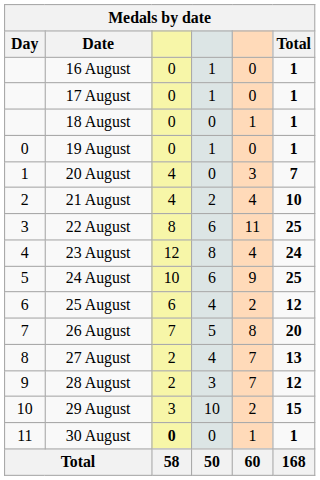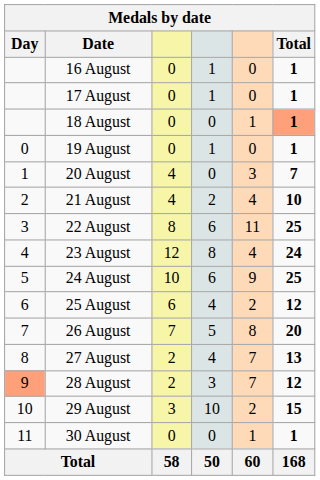 <table class="wikitable sortable" style="font-size:90%; text-align:center">
 <tr style="background:#efefef;">
 <th colspan=6>Medals by date</th>
 </tr>
 <tr>
 <th width=30>Day</th>
 <th width=90>Date</th>
 <th width=30 style="background:#F7F6A8;"></th>
 <th width=30 style="background:#DCE5E5;"></th>
 <th width=30 style="background:#FFDAB9;"></th>
 <th width=30>Total</th>
 </tr>
 <tr>
 <td></td>
 <td>16 August</td>
 <td style="background:#F7F6A8;">0</td>
 <td style="background:#DCE5E5;">1</td>
 <td style="background:#FFDAB9;">0</td>
 <td><strong>1</strong></td>
 </tr>
 <tr>
 <td></td>
 <td>17 August</td>
 <td style="background:#F7F6A8;">0</td>
 <td style="background:#DCE5E5;">1</td>
 <td style="background:#FFDAB9;">0</td>
 <td><strong>1</strong></td>
 </tr>
 <tr>
 <td></td>
 <td>18 August</td>
 <td style="background:#F7F6A8;">0</td>
 <td style="background:#DCE5E5;">0</td>
 <td style="background:#FFDAB9;">1</td>
-<td><strong>1</strong></td>
+<td style="background: lightsalmon;"><strong>1</strong></td>
 </tr>
 <tr>
 <td>0</td>
 <td>19 August</td>
 <td style="background:#F7F6A8;">0</td>
 <td style="background:#DCE5E5;">1</td>
 <td style="background:#FFDAB9;">0</td>
 <td><strong>1</strong></td>
 </tr>
 <tr>
 <td>1</td>
 <td>20 August</td>
 <td style="background:#F7F6A8;">4</td>
 <td style="background:#DCE5E5;">0</td>
 <td style="background:#FFDAB9;">3</td>
 <td><strong>7</strong></td>
 </tr>
 <tr>
 <td>2</td>
 <td>21 August</td>
 <td style="background:#F7F6A8;">4</td>
 <td style="background:#DCE5E5;">2</td>
 <td style="background:#FFDAB9;">4</td>
 <td><strong>10</strong></td>
 </tr>
 <tr>
 <td>3</td>
 <td>22 August</td>
 <td style="background:#F7F6A8;">8</td>
 <td style="background:#DCE5E5;">6</td>
 <td style="background:#FFDAB9;">11</td>
 <td><strong>25</strong></td>
 </tr>
 <tr>
 <td>4</td>
 <td>23 August</td>
 <td style="background:#F7F6A8;">12</td>
 <td style="background:#DCE5E5;">8</td>
 <td style="background:#FFDAB9;">4</td>
 <td><strong>24</strong></td>
 </tr>
 <tr>
 <td>5</td>
 <td>24 August</td>
 <td style="background:#F7F6A8;">10</td>
 <td style="background:#DCE5E5;">6</td>
 <td style="background:#FFDAB9;">9</td>
 <td><strong>25</strong></td>
 </tr>
 <tr>
 <td>6</td>
 <td>25 August</td>
 <td style="background:#F7F6A8;">6</td>
 <td style="background:#DCE5E5;">4</td>
 <td style="background:#FFDAB9;">2</td>
 <td><strong>12</strong></td>
 </tr>
 <tr>
 <td>7</td>
 <td>26 August</td>
 <td style="background:#F7F6A8;">7</td>
 <td style="background:#DCE5E5;">5</td>
 <td style="background:#FFDAB9;">8</td>
 <td><strong>20</strong></td>
 </tr>
 <tr>
 <td>8</td>
 <td>27 August</td>
 <td style="background:#F7F6A8;">2</td>
 <td style="background:#DCE5E5;">4</td>
 <td style="background:#FFDAB9;">7</td>
 <td><strong>13</strong></td>
 </tr>
 <tr>
-<td>9</td>
+<td style="background: lightsalmon;">9</td>
 <td>28 August</td>
 <td style="background:#F7F6A8;">2</td>
 <td style="background:#DCE5E5;">3</td>
 <td style="background:#FFDAB9;">7</td>
 <td><strong>12</strong></td>
 </tr>
 <tr>
 <td>10</td>
 <td>29 August</td>
 <td style="background:#F7F6A8;">3</td>
 <td style="background:#DCE5E5;">10</td>
 <td style="background:#FFDAB9;">2</td>
 <td><strong>15</strong></td>
 </tr>
 <tr>
 <td>11</td>
 <td>30 August</td>
-<td style="background:#F7F6A8;"><strong>0</strong></td>
+<td style="background:#F7F6A8;">0</td>
 <td style="background:#DCE5E5;">0</td>
 <td style="background:#FFDAB9;">1</td>
 <td><strong>1</strong></td>
 </tr>
 <tr>
 <th colspan="2">Total</th>
 <th>58</th>
 <th>50</th>
 <th>60</th>
 <th>168</th>
 </tr>
 </table>
